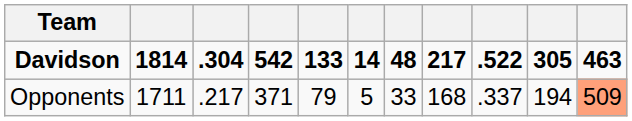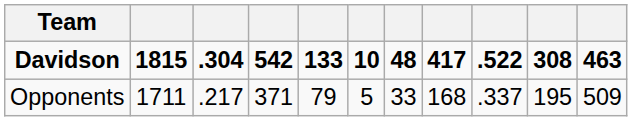 <table class="wikitable sortable">
 <tr>
 <th>Team</th>
 <th></th>
 <th></th>
 <th></th>
 <th></th>
 <th></th>
 <th></th>
 <th></th>
 <th></th>
 <th></th>
 <th></th>
 </tr>
 <tr style="text-align:center;">
 <td><strong>Davidson</strong></td>
-<td><strong>1814</strong></td>
+<td><strong>1815</strong></td>
 <td><strong>.304</strong></td>
 <td><strong>542</strong></td>
 <td><strong>133</strong></td>
-<td><strong>14</strong></td>
+<td><strong>10</strong></td>
 <td><strong>48</strong></td>
-<td><strong>217</strong></td>
+<td><strong>417</strong></td>
 <td><strong>.522</strong></td>
-<td><strong>305</strong></td>
+<td><strong>308</strong></td>
 <td><strong>463</strong></td>
 </tr>
 <tr style="text-align:center;">
 <td>Opponents</td>
 <td>1711</td>
 <td>.217</td>
 <td>371</td>
 <td>79</td>
 <td>5</td>
 <td>33</td>
 <td>168</td>
 <td>.337</td>
-<td>194</td>
-<td style="background: lightsalmon;">509</td>
+<td>195</td>
+<td>509</td>
 </tr>
 </table>
